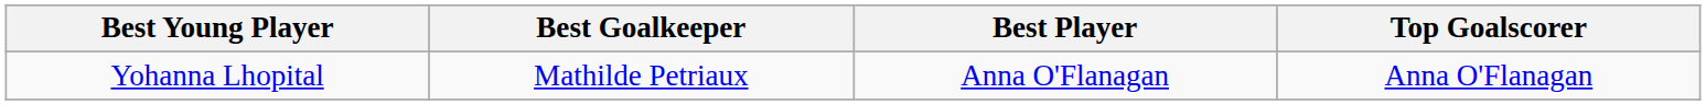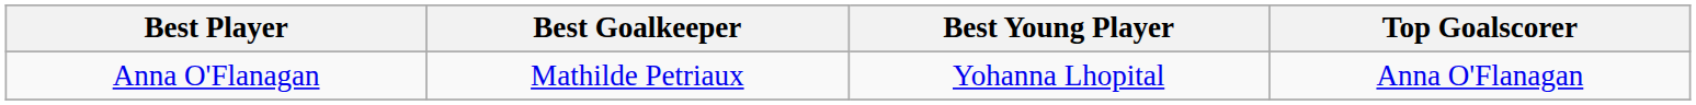 <table class=wikitable style="text-align:center; margin:auto">
 <tr>
+<th style="width: 220px;">Best Player</th>
+<th style="width: 220px;">Best Goalkeeper</th>
 <th style="width: 220px;">Best Young Player</th>
-<th style="width: 220px;">Best Goalkeeper</th>
-<th style="width: 220px;">Best Player</th>
 <th style="width: 220px;">Top Goalscorer</th>
 </tr>
 <tr>
+<td> <a href='#'>Anna O'Flanagan</a></td>
+<td> <a href='#'>Mathilde Petriaux</a></td>
 <td> <a href='#'>Yohanna Lhopital</a></td>
-<td> <a href='#'>Mathilde Petriaux</a></td>
-<td> <a href='#'>Anna O'Flanagan</a></td>
 <td> <a href='#'>Anna O'Flanagan</a></td>
 </tr>
 </table>
